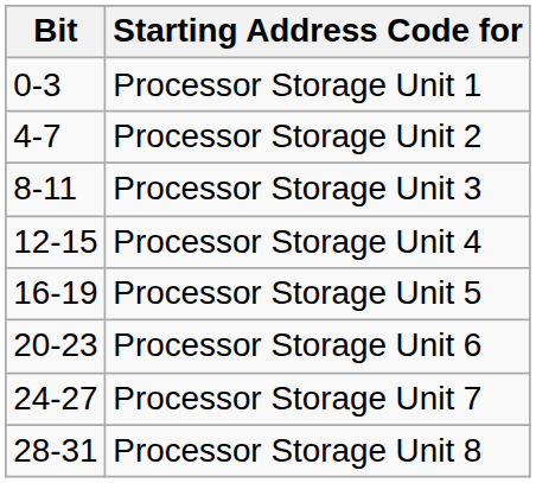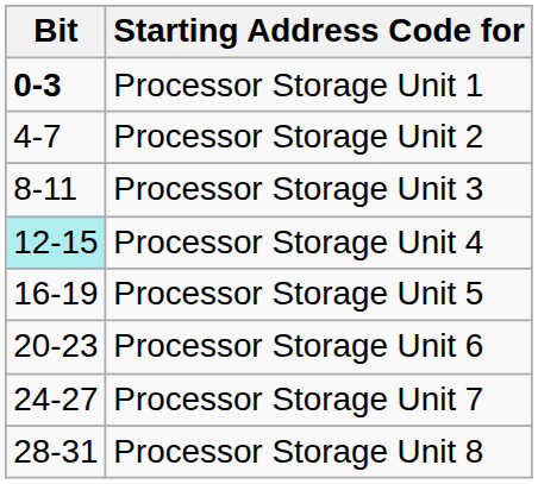 <table class="wikitable">
 <tr>
 <th>Bit</th>
 <th>Starting Address Code for</th>
 </tr>
 <tr>
-<td>0-3</td>
+<td><strong>0-3</strong></td>
 <td>Processor Storage Unit 1</td>
 </tr>
 <tr>
 <td>4-7</td>
 <td>Processor Storage Unit 2</td>
 </tr>
 <tr>
 <td>8-11</td>
 <td>Processor Storage Unit 3</td>
 </tr>
 <tr>
-<td>12-15</td>
+<td style="background: paleturquoise;">12-15</td>
 <td>Processor Storage Unit 4</td>
 </tr>
 <tr>
 <td>16-19</td>
 <td>Processor Storage Unit 5</td>
 </tr>
 <tr>
 <td>20-23</td>
 <td>Processor Storage Unit 6</td>
 </tr>
 <tr>
 <td>24-27</td>
 <td>Processor Storage Unit 7</td>
 </tr>
 <tr>
 <td>28-31</td>
 <td>Processor Storage Unit 8</td>
 </tr>
 </table>
